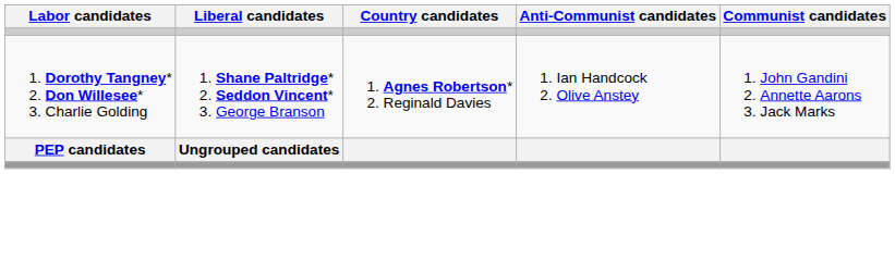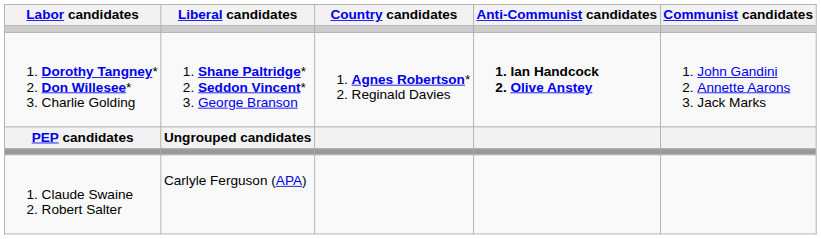 <table class="wikitable">
 <tr>
 <th><a href='#'>Labor</a> candidates</th>
 <th><a href='#'>Liberal</a> candidates</th>
 <th><a href='#'>Country</a> candidates</th>
 <th><a href='#'>Anti-Communist</a> candidates</th>
 <th><a href='#'>Communist</a> candidates</th>
 </tr>
 <tr bgcolor="#cccccc">
 <td></td>
 <td></td>
 <td></td>
 <td></td>
 <td></td>
 </tr>
 <tr>
 <td><br><ol><li><strong><a href='#'>Dorothy Tangney</a></strong>*</li><li><strong><a href='#'>Don Willesee</a></strong>*</li><li>Charlie Golding</li></ol></td>
 <td><br><ol><li><strong><a href='#'>Shane Paltridge</a></strong>*</li><li><strong><a href='#'>Seddon Vincent</a></strong>*</li><li><a href='#'>George Branson</a></li></ol></td>
 <td><br><ol><li><strong><a href='#'>Agnes Robertson</a></strong>*</li><li>Reginald Davies</li></ol></td>
-<td valign=top><br><ol><li>Ian Handcock</li><li><a href='#'>Olive Anstey</a></li></ol></td>
+<td valign=top><strong><br><ol><li>Ian Handcock</li><li><a href='#'>Olive Anstey</a></li></ol></strong></td>
 <td valign=top><br><ol><li><a href='#'>John Gandini</a></li><li><a href='#'>Annette Aarons</a></li><li>Jack Marks</li></ol></td>
 </tr>
 <tr bgcolor="#cccccc">
 <th><a href='#'>PEP</a> candidates</th>
 <th>Ungrouped candidates</th>
 <th></th>
 <th></th>
 <th></th>
 </tr>
 <tr bgcolor="#cccccc">
 <td bgcolor="#999999"></td>
 <td bgcolor="#999999"></td>
 <td bgcolor="#999999"></td>
 <td bgcolor="#999999"></td>
 <td bgcolor="#999999"></td>
 </tr>
+<tr>
+<td valign=top><br><ol><li>Claude Swaine</li><li>Robert Salter</li></ol></td>
+<td valign=top><br>Carlyle Ferguson (<a href='#'>APA</a>)</td>
+<td valign=top></td>
+<td valign=top></td>
+<td valign=top></td>
+</tr>
 </table>
